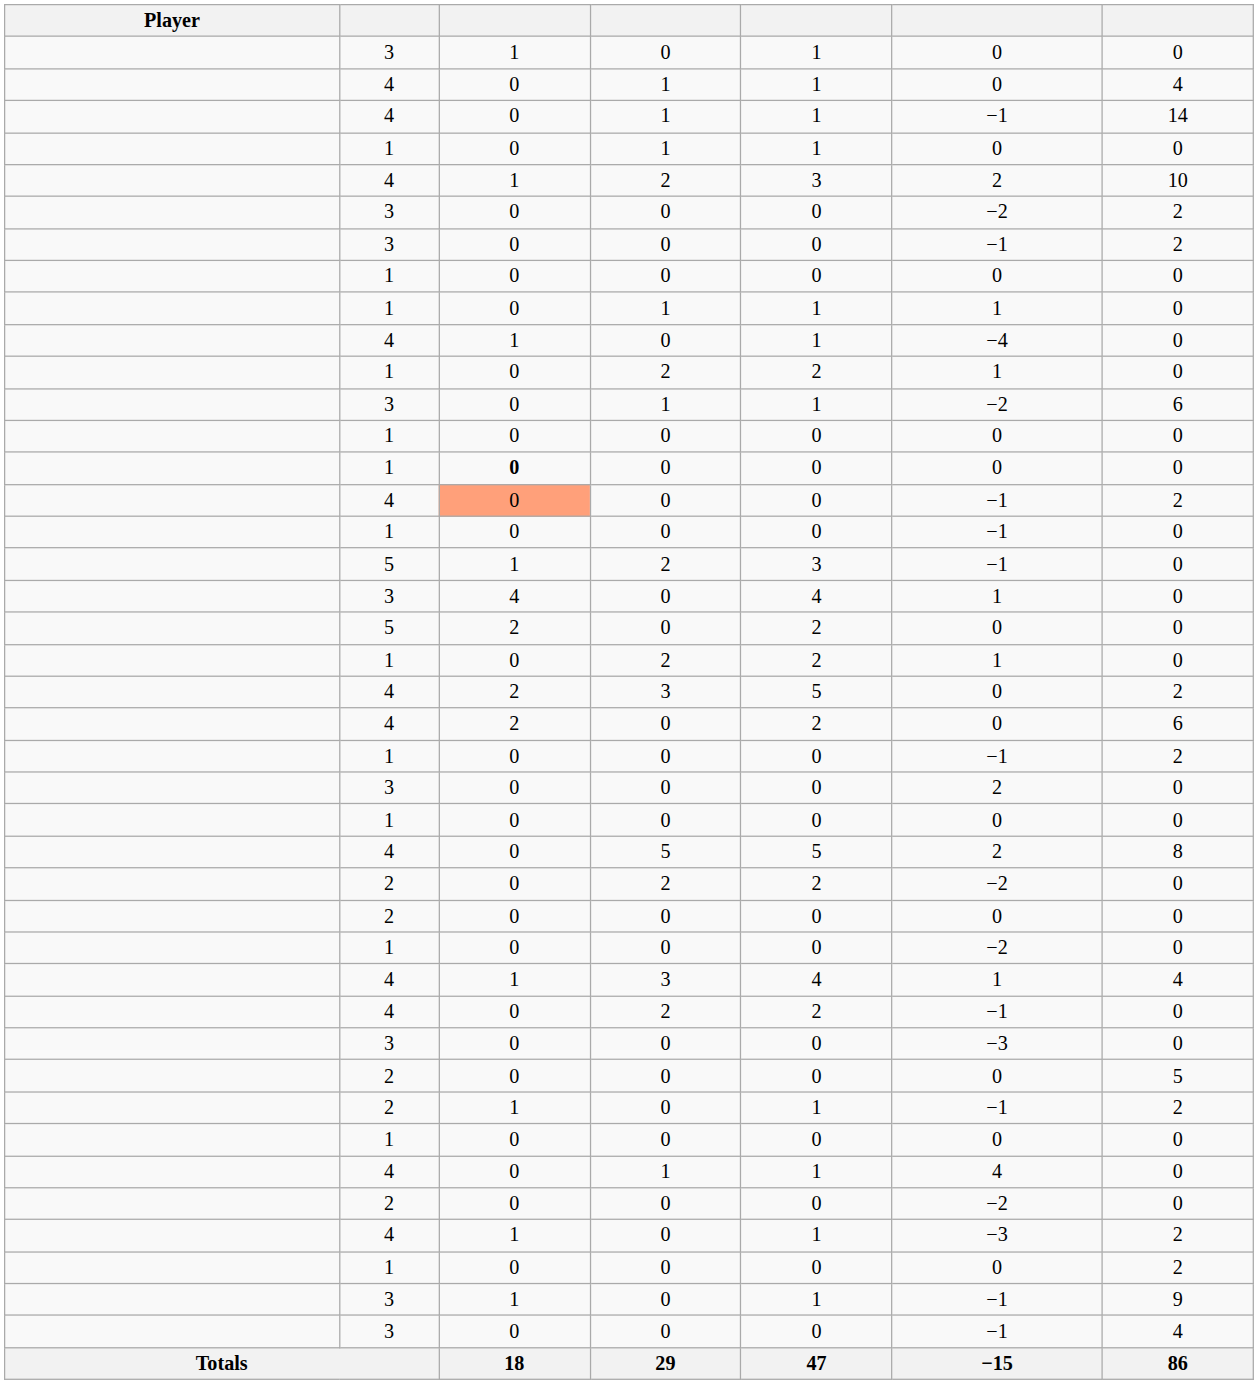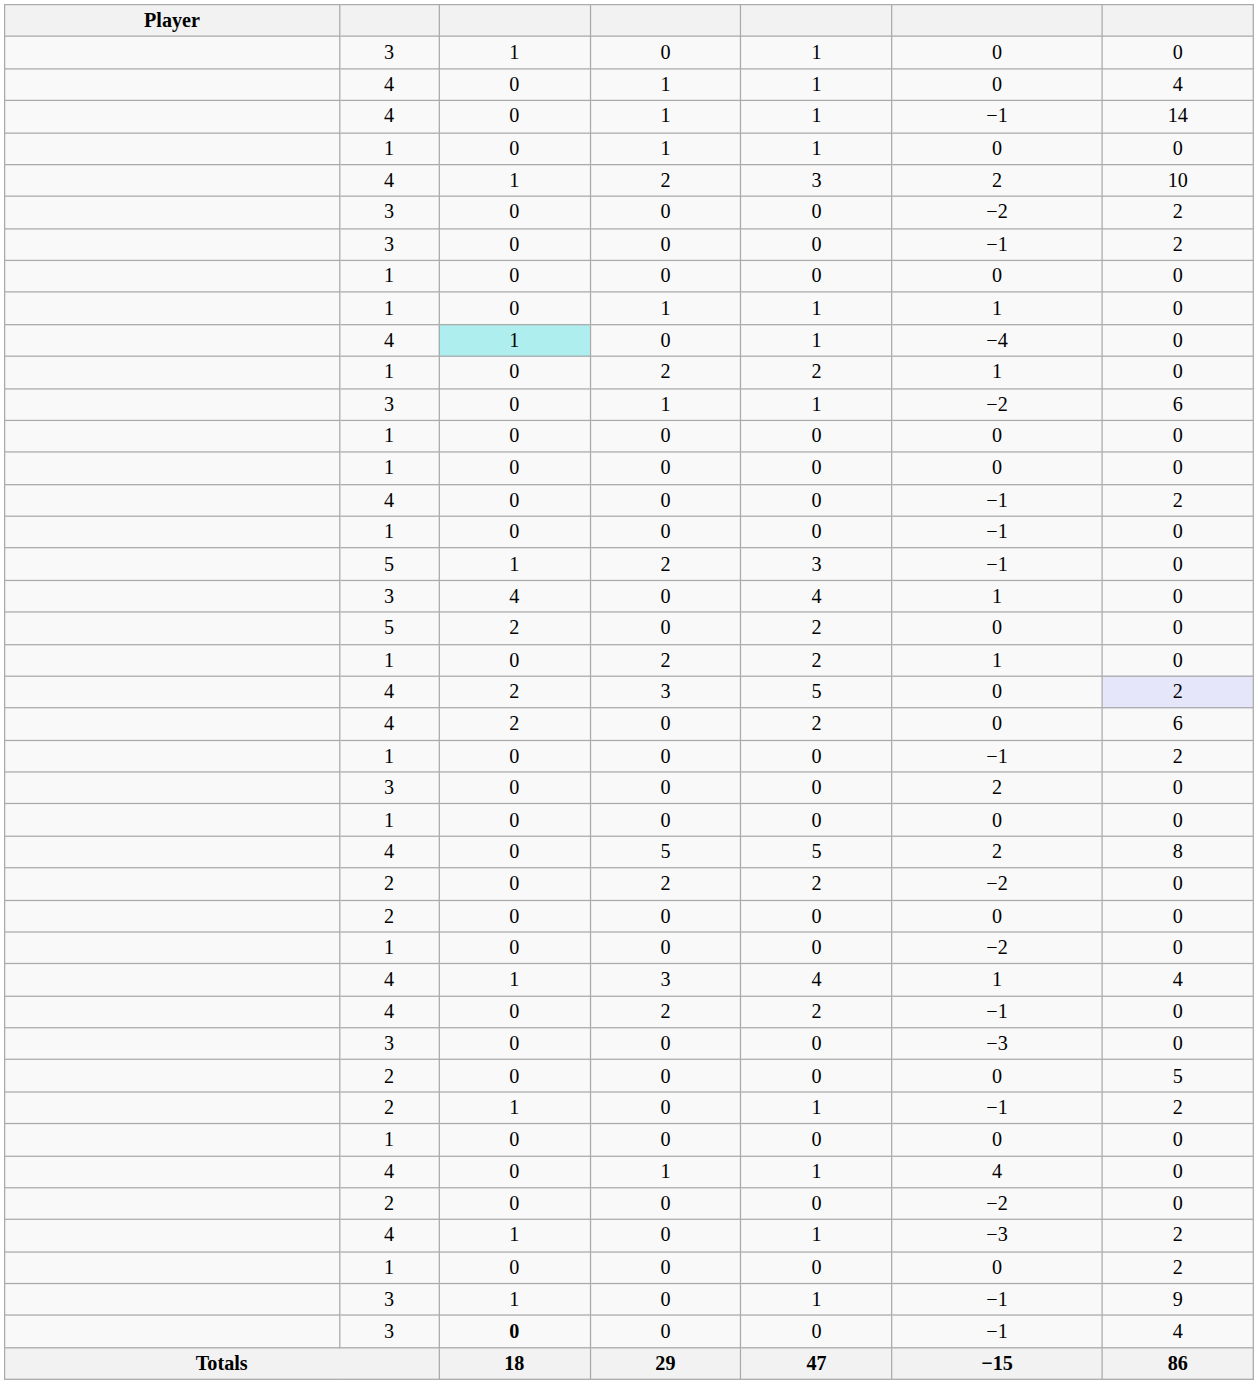 <table class="wikitable sortable" style="width:50%; text-align:center;">
 <tr>
 <th>Player</th>
 <th></th>
 <th></th>
 <th></th>
 <th></th>
 <th data-sort-type="number"></th>
 <th></th>
 </tr>
 <tr>
 <td></td>
 <td>3</td>
 <td>1</td>
 <td>0</td>
 <td>1</td>
 <td>0</td>
 <td>0</td>
 </tr>
 <tr>
 <td></td>
 <td>4</td>
 <td>0</td>
 <td>1</td>
 <td>1</td>
 <td>0</td>
 <td>4</td>
 </tr>
 <tr>
 <td></td>
 <td>4</td>
 <td>0</td>
 <td>1</td>
 <td>1</td>
 <td>−1</td>
 <td>14</td>
 </tr>
 <tr>
 <td></td>
 <td>1</td>
 <td>0</td>
 <td>1</td>
 <td>1</td>
 <td>0</td>
 <td>0</td>
 </tr>
 <tr>
 <td></td>
 <td>4</td>
 <td>1</td>
 <td>2</td>
 <td>3</td>
 <td>2</td>
 <td>10</td>
 </tr>
 <tr>
 <td></td>
 <td>3</td>
 <td>0</td>
 <td>0</td>
 <td>0</td>
 <td>−2</td>
 <td>2</td>
 </tr>
 <tr>
 <td></td>
 <td>3</td>
 <td>0</td>
 <td>0</td>
 <td>0</td>
 <td>−1</td>
 <td>2</td>
 </tr>
 <tr>
 <td></td>
 <td>1</td>
 <td>0</td>
 <td>0</td>
 <td>0</td>
 <td>0</td>
 <td>0</td>
 </tr>
 <tr>
 <td></td>
 <td>1</td>
 <td>0</td>
 <td>1</td>
 <td>1</td>
 <td>1</td>
 <td>0</td>
 </tr>
 <tr>
 <td></td>
 <td>4</td>
-<td>1</td>
+<td style="background: paleturquoise;">1</td>
 <td>0</td>
 <td>1</td>
 <td>−4</td>
 <td>0</td>
 </tr>
 <tr>
 <td></td>
 <td>1</td>
 <td>0</td>
 <td>2</td>
 <td>2</td>
 <td>1</td>
 <td>0</td>
 </tr>
 <tr>
 <td></td>
 <td>3</td>
 <td>0</td>
 <td>1</td>
 <td>1</td>
 <td>−2</td>
 <td>6</td>
 </tr>
 <tr>
 <td></td>
 <td>1</td>
 <td>0</td>
 <td>0</td>
 <td>0</td>
 <td>0</td>
 <td>0</td>
 </tr>
 <tr>
 <td></td>
 <td>1</td>
-<td><strong>0</strong></td>
+<td>0</td>
 <td>0</td>
 <td>0</td>
 <td>0</td>
 <td>0</td>
 </tr>
 <tr>
 <td></td>
 <td>4</td>
-<td style="background: lightsalmon;">0</td>
+<td>0</td>
 <td>0</td>
 <td>0</td>
 <td>−1</td>
 <td>2</td>
 </tr>
 <tr>
 <td></td>
 <td>1</td>
 <td>0</td>
 <td>0</td>
 <td>0</td>
 <td>−1</td>
 <td>0</td>
 </tr>
 <tr>
 <td></td>
 <td>5</td>
 <td>1</td>
 <td>2</td>
 <td>3</td>
 <td>−1</td>
 <td>0</td>
 </tr>
 <tr>
 <td></td>
 <td>3</td>
 <td>4</td>
 <td>0</td>
 <td>4</td>
 <td>1</td>
 <td>0</td>
 </tr>
 <tr>
 <td></td>
 <td>5</td>
 <td>2</td>
 <td>0</td>
 <td>2</td>
 <td>0</td>
 <td>0</td>
 </tr>
 <tr>
 <td></td>
 <td>1</td>
 <td>0</td>
 <td>2</td>
 <td>2</td>
 <td>1</td>
 <td>0</td>
 </tr>
 <tr>
 <td></td>
 <td>4</td>
 <td>2</td>
 <td>3</td>
 <td>5</td>
 <td>0</td>
-<td>2</td>
+<td style="background: lavender;">2</td>
 </tr>
 <tr>
 <td></td>
 <td>4</td>
 <td>2</td>
 <td>0</td>
 <td>2</td>
 <td>0</td>
 <td>6</td>
 </tr>
 <tr>
 <td></td>
 <td>1</td>
 <td>0</td>
 <td>0</td>
 <td>0</td>
 <td>−1</td>
 <td>2</td>
 </tr>
 <tr>
 <td></td>
 <td>3</td>
 <td>0</td>
 <td>0</td>
 <td>0</td>
 <td>2</td>
 <td>0</td>
 </tr>
 <tr>
 <td></td>
 <td>1</td>
 <td>0</td>
 <td>0</td>
 <td>0</td>
 <td>0</td>
 <td>0</td>
 </tr>
 <tr>
 <td></td>
 <td>4</td>
 <td>0</td>
 <td>5</td>
 <td>5</td>
 <td>2</td>
 <td>8</td>
 </tr>
 <tr>
 <td></td>
 <td>2</td>
 <td>0</td>
 <td>2</td>
 <td>2</td>
 <td>−2</td>
 <td>0</td>
 </tr>
 <tr>
 <td></td>
 <td>2</td>
 <td>0</td>
 <td>0</td>
 <td>0</td>
 <td>0</td>
 <td>0</td>
 </tr>
 <tr>
 <td></td>
 <td>1</td>
 <td>0</td>
 <td>0</td>
 <td>0</td>
 <td>−2</td>
 <td>0</td>
 </tr>
 <tr>
 <td></td>
 <td>4</td>
 <td>1</td>
 <td>3</td>
 <td>4</td>
 <td>1</td>
 <td>4</td>
 </tr>
 <tr>
 <td></td>
 <td>4</td>
 <td>0</td>
 <td>2</td>
 <td>2</td>
 <td>−1</td>
 <td>0</td>
 </tr>
 <tr>
 <td></td>
 <td>3</td>
 <td>0</td>
 <td>0</td>
 <td>0</td>
 <td>−3</td>
 <td>0</td>
 </tr>
 <tr>
 <td></td>
 <td>2</td>
 <td>0</td>
 <td>0</td>
 <td>0</td>
 <td>0</td>
 <td>5</td>
 </tr>
 <tr>
 <td></td>
 <td>2</td>
 <td>1</td>
 <td>0</td>
 <td>1</td>
 <td>−1</td>
 <td>2</td>
 </tr>
 <tr>
 <td></td>
 <td>1</td>
 <td>0</td>
 <td>0</td>
 <td>0</td>
 <td>0</td>
 <td>0</td>
 </tr>
 <tr>
 <td></td>
 <td>4</td>
 <td>0</td>
 <td>1</td>
 <td>1</td>
 <td>4</td>
 <td>0</td>
 </tr>
 <tr>
 <td></td>
 <td>2</td>
 <td>0</td>
 <td>0</td>
 <td>0</td>
 <td>−2</td>
 <td>0</td>
 </tr>
 <tr>
 <td></td>
 <td>4</td>
 <td>1</td>
 <td>0</td>
 <td>1</td>
 <td>−3</td>
 <td>2</td>
 </tr>
 <tr>
 <td></td>
 <td>1</td>
 <td>0</td>
 <td>0</td>
 <td>0</td>
 <td>0</td>
 <td>2</td>
 </tr>
 <tr>
 <td></td>
 <td>3</td>
 <td>1</td>
 <td>0</td>
 <td>1</td>
 <td>−1</td>
 <td>9</td>
 </tr>
 <tr>
 <td></td>
 <td>3</td>
-<td>0</td>
+<td><strong>0</strong></td>
 <td>0</td>
 <td>0</td>
 <td>−1</td>
 <td>4</td>
 </tr>
 <tr>
 <th colspan="2">Totals</th>
 <th>18</th>
 <th>29</th>
 <th>47</th>
 <th>−15</th>
 <th>86</th>
 </tr>
 </table>
